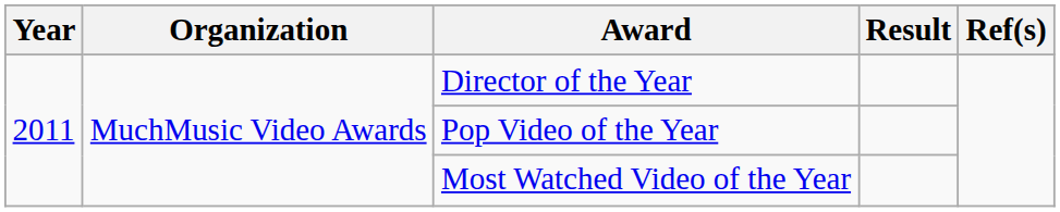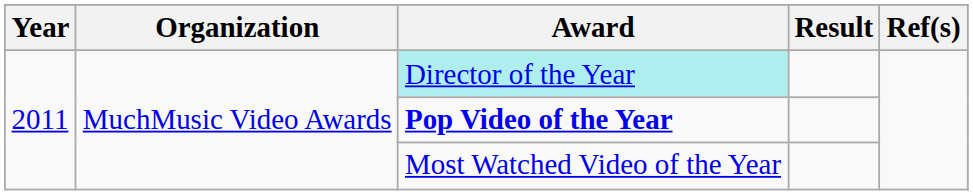 <table class="wikitable plainrowheaders">
 <tr align=center>
 <th scope="col">Year</th>
 <th scope="col">Organization</th>
 <th scope="col">Award</th>
 <th scope="col">Result</th>
 <th scope="col">Ref(s)</th>
 </tr>
 <tr>
 <td rowspan="3"><a href='#'>2011</a></td>
 <td rowspan="3"><a href='#'>MuchMusic Video Awards</a></td>
-<td><a href='#'>Director of the Year</a></td>
+<td style="background: paleturquoise;"><a href='#'>Director of the Year</a></td>
 <td></td>
 <td style="text-align:center;" rowspan="3"></td>
 </tr>
 <tr>
-<td><a href='#'>Pop Video of the Year</a></td>
+<td><strong><a href='#'>Pop Video of the Year</a></strong></td>
 <td></td>
 </tr>
 <tr>
 <td><a href='#'>Most Watched Video of the Year</a></td>
 <td></td>
 </tr>
 </table>
